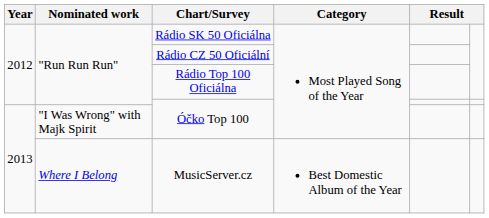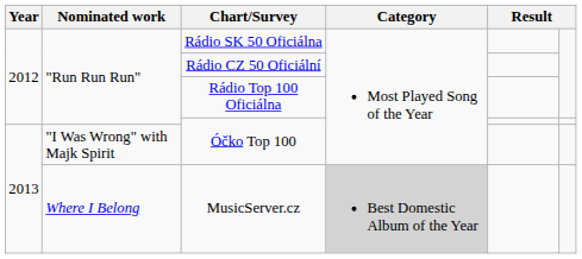 <table class="wikitable" style="text-align:left;">
 <tr>
 <th width=4% align=center>Year</th>
 <th width=25%>Nominated work</th>
 <th width=26%>Chart/Survey</th>
 <th width=29%>Category</th>
 <th width=16% colspan=2>Result</th>
 </tr>
 <tr>
 <td rowspan=4>2012</td>
 <td rowspan=4>"Run Run Run"</td>
 <td align=center><a href='#'>Rádio SK 50 Oficiálna</a></td>
 <td rowspan=5><br><ul><li>Most Played Song of the Year</li></ul></td>
 <td></td>
 <td width=3% align=center rowspan=3></td>
 </tr>
 <tr>
 <td align=center><a href='#'>Rádio CZ 50 Oficiální</a></td>
 <td></td>
 </tr>
 <tr>
 <td align=center><a href='#'>Rádio Top 100 Oficiálna</a></td>
 <td></td>
 </tr>
 <tr>
 <td align=center rowspan=2><a href='#'>Óčko</a> Top 100</td>
 <td></td>
 <td width=3% align=center></td>
 </tr>
 <tr>
 <td rowspan=2>2013</td>
 <td>"I Was Wrong" with Majk Spirit</td>
 <td></td>
 <td width=3% align=center></td>
 </tr>
 <tr>
 <td><em><a href='#'>Where I Belong</a></em></td>
 <td align=center>MusicServer.cz</td>
-<td><br><ul><li>Best Domestic Album of the Year</li></ul></td>
+<td style="background: lightgrey;"><br><ul><li>Best Domestic Album of the Year</li></ul></td>
 <td></td>
 <td width=3% align=center></td>
 </tr>
 </table>
